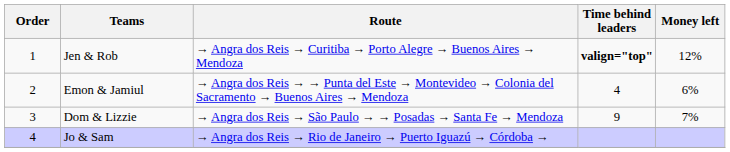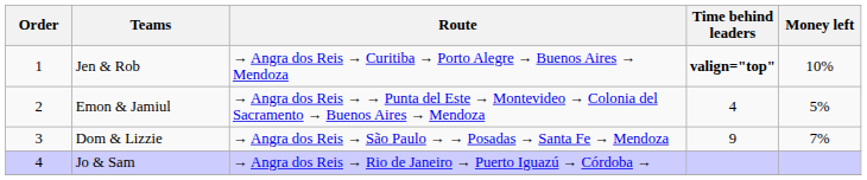 <table class="wikitable sortable" style="text-align:center">
 <tr>
 <th style="width:4em">Order</th>
 <th style="width:10em">Teams</th>
 <th style="width:30em">Route</th>
 <th style="width:5em">Time behind leaders</th>
 <th style="width:5em">Money left</th>
 </tr>
 <tr>
 <td>1</td>
 <td style="text-align:left">Jen & Rob</td>
 <td style="text-align:left"> → <a href='#'>Angra dos Reis</a>  →  <a href='#'>Curitiba</a>  →  <a href='#'>Porto Alegre</a>   → <a href='#'>Buenos Aires</a>  → <a href='#'>Mendoza</a></td>
 <td><strong>valign="top" </strong></td>
-<td>12%</td>
+<td>10%</td>
 </tr>
 <tr>
 <td>2</td>
 <td style="text-align:left">Emon & Jamiul</td>
 <td style="text-align:left"> → <a href='#'>Angra dos Reis</a>   →  → <a href='#'>Punta del Este</a>  → <a href='#'>Montevideo</a> →  <a href='#'>Colonia del Sacramento</a> → <a href='#'>Buenos Aires</a>   → <a href='#'>Mendoza</a></td>
 <td>4</td>
-<td>6%</td>
+<td>5%</td>
 </tr>
 <tr>
 <td>3</td>
 <td style="text-align:left">Dom & Lizzie</td>
 <td style="text-align:left"> → <a href='#'>Angra dos Reis</a>   → <a href='#'>São Paulo</a>  →     → <a href='#'>Posadas</a>   →  <a href='#'>Santa Fe</a> →  <a href='#'>Mendoza</a></td>
 <td>9</td>
 <td>7%</td>
 </tr>
 <tr style="background:#ccf">
 <td>4</td>
 <td style="text-align:left">Jo & Sam</td>
 <td style="text-align:left"> → <a href='#'>Angra dos Reis</a>  → <a href='#'>Rio de Janeiro</a>  → <a href='#'>Puerto Iguazú</a>  → <a href='#'>Córdoba</a>  →</td>
 <td></td>
 <td></td>
 </tr>
 <tr>
 </tr>
 </table>
